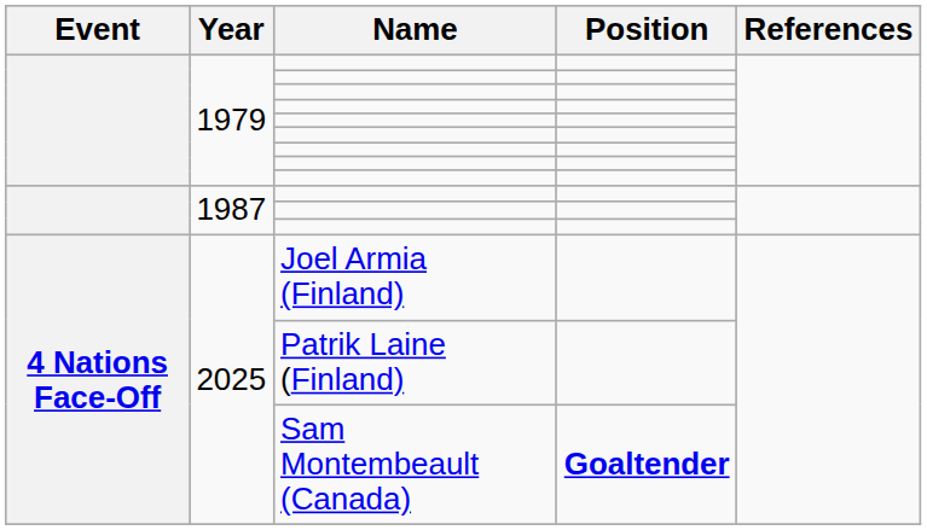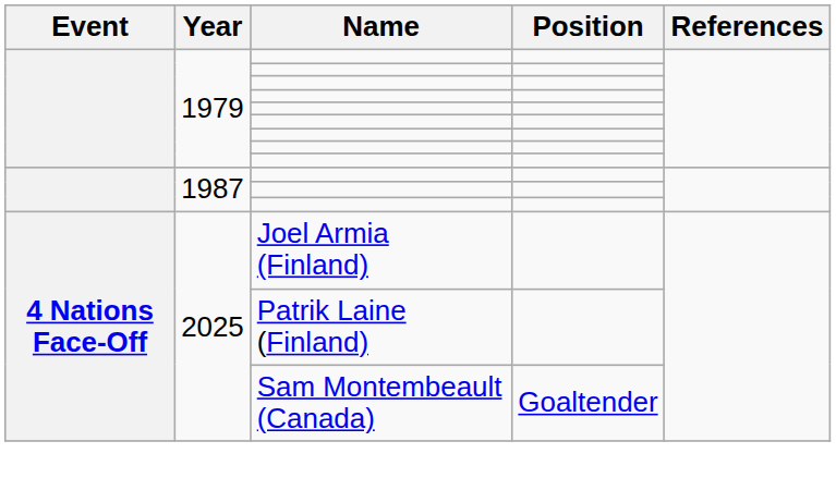 <table class="wikitable sortable" width="75%">
 <tr>
 <th scope="col">Event</th>
 <th scope="col">Year</th>
 <th scope="col">Name</th>
 <th scope="col">Position</th>
 <th scope="col" class="unsortable">References</th>
 </tr>
 <tr>
 <th scope="row" rowspan="9"></th>
 <td rowspan="9">1979</td>
 <td></td>
 <td></td>
 <td rowspan="9"></td>
 </tr>
 <tr>
 <td></td>
 <td></td>
 </tr>
 <tr>
 <td></td>
 <td></td>
 </tr>
 <tr>
 <td></td>
 <td></td>
 </tr>
 <tr>
 <td></td>
 <td></td>
 </tr>
 <tr>
 <td></td>
 <td></td>
 </tr>
 <tr>
 <td></td>
 <td></td>
 </tr>
 <tr>
 <td></td>
 <td></td>
 </tr>
 <tr>
 <td></td>
 <td></td>
 </tr>
 <tr>
 <th scope="row" rowspan="3"></th>
 <td rowspan="3">1987</td>
 <td></td>
 <td></td>
 <td rowspan="3"></td>
 </tr>
 <tr>
 <td></td>
 <td></td>
 </tr>
 <tr>
 <td></td>
 <td></td>
 </tr>
 <tr>
 <th rowspan="3"><a href='#'>4 Nations Face-Off</a></th>
 <td rowspan="3">2025</td>
 <td><a href='#'>Joel Armia</a> <a href='#'>(Finland)</a></td>
 <td></td>
 <td rowspan="3"></td>
 </tr>
 <tr>
 <td><a href='#'>Patrik Laine</a> (<a href='#'>Finland)</a></td>
 <td></td>
 </tr>
 <tr>
 <td><a href='#'>Sam Montembeault</a> <a href='#'>(Canada)</a></td>
-<td><strong><a href='#'>Goaltender</a></strong></td>
+<td><a href='#'>Goaltender</a></td>
 </tr>
 </table>
